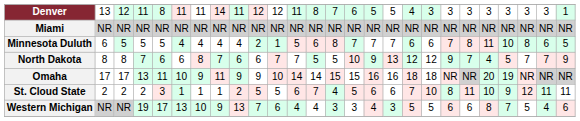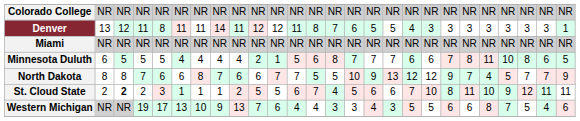 <table class="wikitable sortable" style="text-align: center;">
 <tr>
+</tr>
+<tr bgcolor=d0d0d0>
+<th>Colorado College</th>
+<td>NR</td>
+<td>NR</td>
+<td>NR</td>
+<td>NR</td>
+<td>NR</td>
+<td>NR</td>
+<td>NR</td>
+<td>NR</td>
+<td>NR</td>
+<td>NR</td>
+<td>NR</td>
+<td>NR</td>
+<td>NR</td>
+<td>NR</td>
+<td>NR</td>
+<td>NR</td>
+<td>NR</td>
+<td>NR</td>
+<td>NR</td>
+<td>NR</td>
+<td>NR</td>
+<td>NR</td>
+<td>NR</td>
+<td>NR</td>
+<td>NR</td>
 </tr>
 <tr bgcolor=d0d0d0>
 <th style="color:white; background:#862633; ">Denver</th>
 <td bgcolor=FFFFFF>13</td>
 <td bgcolor=D8FFEB>12</td>
 <td bgcolor=D8FFEB>11</td>
 <td bgcolor=D8FFEB>8</td>
 <td bgcolor=FFE6E6>11</td>
 <td bgcolor=FFFFFF>11</td>
 <td bgcolor=FFE6E6>14</td>
 <td bgcolor=D8FFEB>11</td>
 <td bgcolor=FFE6E6>12</td>
 <td bgcolor=FFFFFF>12</td>
 <td bgcolor=D8FFEB>11</td>
 <td bgcolor=D8FFEB>8</td>
 <td bgcolor=D8FFEB>7</td>
 <td bgcolor=D8FFEB>6</td>
 <td bgcolor=D8FFEB>5</td>
 <td bgcolor=FFFFFF>5</td>
 <td bgcolor=D8FFEB>4</td>
 <td bgcolor=D8FFEB>3</td>
 <td bgcolor=FFFFFF>3</td>
 <td bgcolor=FFFFFF>3</td>
 <td bgcolor=FFFFFF>3</td>
 <td bgcolor=FFFFFF>3</td>
 <td bgcolor=FFFFFF>3</td>
 <td bgcolor=FFFFFF>3</td>
 <td bgcolor=D8FFEB>1</td>
 </tr>
 <tr bgcolor=d0d0d0>
 <th>Miami</th>
 <td>NR</td>
 <td>NR</td>
 <td>NR</td>
 <td>NR</td>
 <td>NR</td>
 <td>NR</td>
 <td>NR</td>
 <td>NR</td>
 <td>NR</td>
 <td>NR</td>
 <td>NR</td>
 <td>NR</td>
 <td>NR</td>
 <td>NR</td>
 <td>NR</td>
 <td>NR</td>
 <td>NR</td>
 <td>NR</td>
 <td>NR</td>
 <td>NR</td>
 <td>NR</td>
 <td>NR</td>
 <td>NR</td>
 <td>NR</td>
 <td>NR</td>
 </tr>
 <tr bgcolor=d0d0d0>
 <th>Minnesota Duluth</th>
 <td bgcolor=FFFFFF>6</td>
 <td bgcolor=D8FFEB>5</td>
 <td bgcolor=FFFFFF>5</td>
 <td bgcolor=FFFFFF>5</td>
 <td bgcolor=D8FFEB>4</td>
 <td bgcolor=FFFFFF>4</td>
 <td bgcolor=FFFFFF>4</td>
 <td bgcolor=FFFFFF>4</td>
 <td bgcolor=D8FFEB>2</td>
 <td bgcolor=D8FFEB>1</td>
 <td bgcolor=FFE6E6>5</td>
 <td bgcolor=FFE6E6>6</td>
 <td bgcolor=FFE6E6>8</td>
 <td bgcolor=D8FFEB>7</td>
 <td bgcolor=FFFFFF>7</td>
 <td bgcolor=FFFFFF>7</td>
 <td bgcolor=D8FFEB>6</td>
 <td bgcolor=FFFFFF>6</td>
 <td bgcolor=FFE6E6>7</td>
 <td bgcolor=FFE6E6>8</td>
 <td bgcolor=FFE6E6>11</td>
 <td bgcolor=D8FFEB>10</td>
 <td bgcolor=D8FFEB>8</td>
 <td bgcolor=D8FFEB>6</td>
 <td bgcolor=D8FFEB>5</td>
 </tr>
 <tr bgcolor=d0d0d0>
 <th>North Dakota</th>
 <td bgcolor=FFFFFF>8</td>
 <td bgcolor=FFFFFF>8</td>
 <td bgcolor=D8FFEB>7</td>
 <td bgcolor=D8FFEB>6</td>
 <td bgcolor=FFFFFF>6</td>
 <td bgcolor=FFE6E6>8</td>
 <td bgcolor=D8FFEB>7</td>
 <td bgcolor=D8FFEB>6</td>
 <td bgcolor=FFFFFF>6</td>
 <td bgcolor=FFE6E6>7</td>
 <td bgcolor=FFFFFF>7</td>
 <td bgcolor=D8FFEB>5</td>
 <td bgcolor=FFFFFF>5</td>
 <td bgcolor=FFE6E6>10</td>
 <td bgcolor=D8FFEB>9</td>
 <td bgcolor=FFE6E6>13</td>
 <td bgcolor=D8FFEB>12</td>
 <td bgcolor=FFFFFF>12</td>
 <td bgcolor=D8FFEB>9</td>
 <td bgcolor=D8FFEB>7</td>
 <td bgcolor=D8FFEB>4</td>
 <td bgcolor=FFE6E6>5</td>
 <td bgcolor=FFFFFF>7</td>
 <td bgcolor=FFE6E6>7</td>
 <td bgcolor=FFE6E6>9</td>
 </tr>
 <tr bgcolor=d0d0d0>
-<th>Omaha</th>
-<td bgcolor=FFFFFF>17</td>
-<td bgcolor=FFFFFF>17</td>
-<td bgcolor=D8FFEB>13</td>
-<td bgcolor=D8FFEB>11</td>
-<td bgcolor=D8FFEB>10</td>
-<td bgcolor=D8FFEB>9</td>
-<td bgcolor=FFE6E6>11</td>
-<td bgcolor=D8FFEB>9</td>
-<td bgcolor=FFFFFF>9</td>
-<td bgcolor=FFE6E6>10</td>
-<td bgcolor=FFE6E6>14</td>
-<td bgcolor=FFFFFF>14</td>
-<td bgcolor=FFE6E6>15</td>
-<td bgcolor=FFFFFF>15</td>
-<td bgcolor=FFE6E6>16</td>
-<td bgcolor=FFFFFF>16</td>
-<td bgcolor=FFE6E6>18</td>
-<td bgcolor=FFFFFF>18</td>
-<td bgcolor=FFE6E6>NR</td>
-<td>NR</td>
-<td bgcolor=D8FFEB>20</td>
-<td bgcolor=D8FFEB>19</td>
-<td bgcolor=FFE6E6>NR</td>
-<td>NR</td>
-<td>NR</td>
-</tr>
-<tr bgcolor=d0d0d0>
 <th>St. Cloud State</th>
 <td bgcolor=FFFFFF>2</td>
-<td bgcolor=FFFFFF>2</td>
+<td bgcolor=FFFFFF><strong>2</strong></td>
 <td bgcolor=FFFFFF>2</td>
 <td bgcolor=FFE6E6>3</td>
 <td bgcolor=D8FFEB>1</td>
 <td bgcolor=FFFFFF>1</td>
 <td bgcolor=FFFFFF>1</td>
 <td bgcolor=FFE6E6>2</td>
 <td bgcolor=FFE6E6>5</td>
 <td bgcolor=FFFFFF>5</td>
 <td bgcolor=FFE6E6>6</td>
 <td bgcolor=FFE6E6>7</td>
 <td bgcolor=D8FFEB>4</td>
 <td bgcolor=FFE6E6>5</td>
 <td bgcolor=FFE6E6>6</td>
 <td bgcolor=FFFFFF>6</td>
 <td bgcolor=FFE6E6>7</td>
 <td bgcolor=FFE6E6>10</td>
 <td bgcolor=D8FFEB>8</td>
 <td bgcolor=FFE6E6>11</td>
 <td bgcolor=D8FFEB>10</td>
 <td bgcolor=D8FFEB>9</td>
 <td bgcolor=FFE6E6>12</td>
 <td bgcolor=D8FFEB>11</td>
 <td bgcolor=FFFFFF>11</td>
 </tr>
 <tr bgcolor=d0d0d0>
 <th>Western Michigan</th>
 <td>NR</td>
 <td>NR</td>
 <td bgcolor=D8FFEB>19</td>
 <td bgcolor=D8FFEB>17</td>
 <td bgcolor=D8FFEB>13</td>
 <td bgcolor=D8FFEB>10</td>
 <td bgcolor=D8FFEB>9</td>
 <td bgcolor=FFE6E6>13</td>
 <td bgcolor=D8FFEB>7</td>
 <td bgcolor=D8FFEB>6</td>
 <td bgcolor=D8FFEB>4</td>
 <td bgcolor=FFFFFF>4</td>
 <td bgcolor=D8FFEB>3</td>
 <td bgcolor=FFFFFF>3</td>
 <td bgcolor=FFE6E6>4</td>
 <td bgcolor=D8FFEB>3</td>
 <td bgcolor=FFE6E6>5</td>
 <td bgcolor=FFFFFF>5</td>
 <td bgcolor=FFE6E6>6</td>
 <td bgcolor=FFFFFF>6</td>
 <td bgcolor=FFE6E6>8</td>
 <td bgcolor=D8FFEB>7</td>
 <td bgcolor=FFFFFF>5</td>
 <td bgcolor=D8FFEB>4</td>
 <td bgcolor=FFE6E6>6</td>
 </tr>
 <tr>
 </tr>
 </table>
